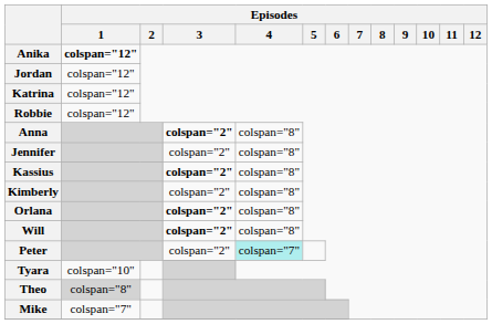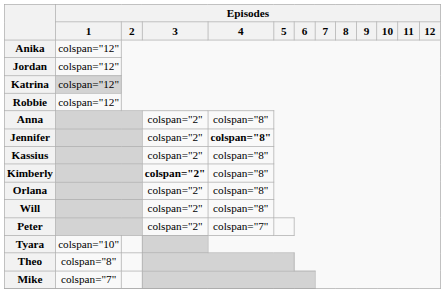 <table class="wikitable" style="text-align:center; width:100%">
 <tr>
 <th scope="col" rowspan="2" style="width:9%;"></th>
 <th scope="colgroup" colspan="12">Episodes</th>
 </tr>
 <tr>
 <th scope="col" style="width:5%;">1</th>
 <th scope="col" style="width:5%;">2</th>
 <th scope="col" style="width:5%;">3</th>
 <th scope="col" style="width:5%;">4</th>
 <th scope="col" style="width:5%;">5</th>
 <th scope="col" style="width:5%;">6</th>
 <th scope="col" style="width:5%;">7</th>
 <th scope="col" style="width:5%;">8</th>
 <th scope="col" style="width:5%;">9</th>
 <th scope="col" style="width:5%;">10</th>
 <th scope="col" style="width:5%;">11</th>
 <th scope="col" style="width:5%;">12</th>
 </tr>
 <tr>
 <th scope="row">Anika</th>
-<td><strong>colspan="12" </strong></td>
+<td>colspan="12" </td>
 </tr>
 <tr>
 <th scope="row">Jordan</th>
 <td>colspan="12" </td>
 </tr>
 <tr>
 <th scope="row">Katrina</th>
-<td>colspan="12" </td>
+<td style="background: lightgrey;">colspan="12" </td>
 </tr>
 <tr>
 <th scope="row">Robbie</th>
 <td>colspan="12" </td>
 </tr>
 <tr>
 <th scope="row">Anna</th>
 <td style="background:lightgrey;" colspan="2"></td>
-<td><strong>colspan="2" </strong></td>
+<td>colspan="2" </td>
 <td>colspan="8" </td>
 </tr>
 <tr>
 <th scope="row">Jennifer</th>
 <td style="background:lightgrey;" colspan="2"></td>
 <td>colspan="2" </td>
+<td><strong>colspan="8" </strong></td>
+</tr>
+<tr>
+<th scope="row">Kassius</th>
+<td style="background:lightgrey;" colspan="2"></td>
+<td>colspan="2" </td>
 <td>colspan="8" </td>
 </tr>
 <tr>
-<th scope="row">Kassius</th>
+<th scope="row">Kimberly</th>
 <td style="background:lightgrey;" colspan="2"></td>
 <td><strong>colspan="2" </strong></td>
 <td>colspan="8" </td>
 </tr>
 <tr>
-<th scope="row">Kimberly</th>
+<th scope="row">Orlana</th>
 <td style="background:lightgrey;" colspan="2"></td>
 <td>colspan="2" </td>
 <td>colspan="8" </td>
 </tr>
 <tr>
-<th scope="row">Orlana</th>
-<td style="background:lightgrey;" colspan="2"></td>
-<td><strong>colspan="2" </strong></td>
-<td>colspan="8" </td>
-</tr>
-<tr>
 <th scope="row">Will</th>
 <td style="background:lightgrey;" colspan="2"></td>
-<td><strong>colspan="2" </strong></td>
+<td>colspan="2" </td>
 <td>colspan="8" </td>
 </tr>
 <tr>
 <th scope="row">Peter</th>
 <td style="background:lightgrey;" colspan="2"></td>
 <td>colspan="2" </td>
-<td style="background: paleturquoise;">colspan="7" </td>
+<td>colspan="7" </td>
 <td></td>
 </tr>
 <tr>
 <th scope="row">Tyara</th>
 <td>colspan="10" </td>
 <td></td>
 <td style="background:lightgray;" colspan="1"></td>
 </tr>
 <tr>
 <th scope="row">Theo</th>
-<td style="background: lightgrey;">colspan="8" </td>
+<td>colspan="8" </td>
 <td></td>
 <td style="background:lightgray;" colspan="3"></td>
 </tr>
 <tr>
 <th scope="row">Mike</th>
 <td>colspan="7" </td>
 <td></td>
 <td style="background:lightgray;" colspan="4"></td>
 </tr>
 <tr>
 </tr>
 </table>
